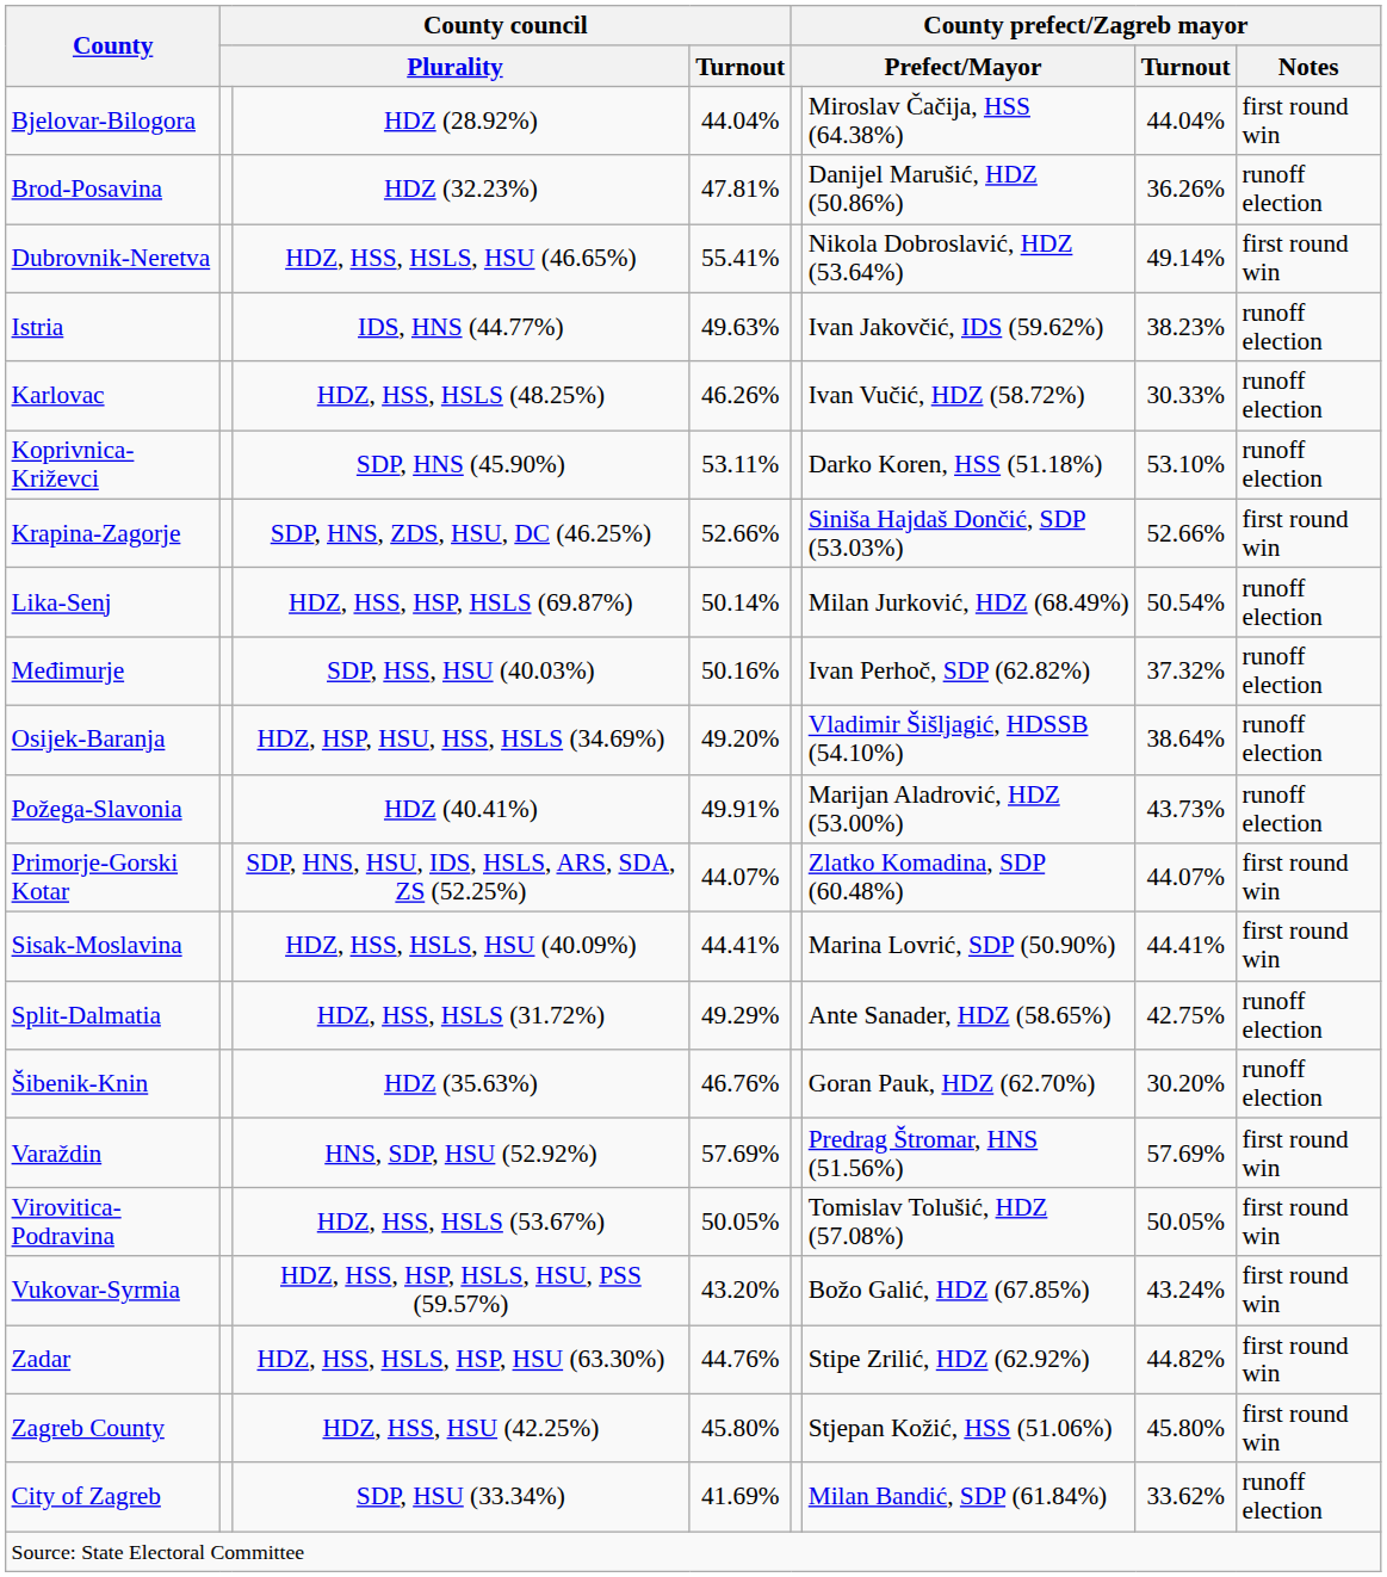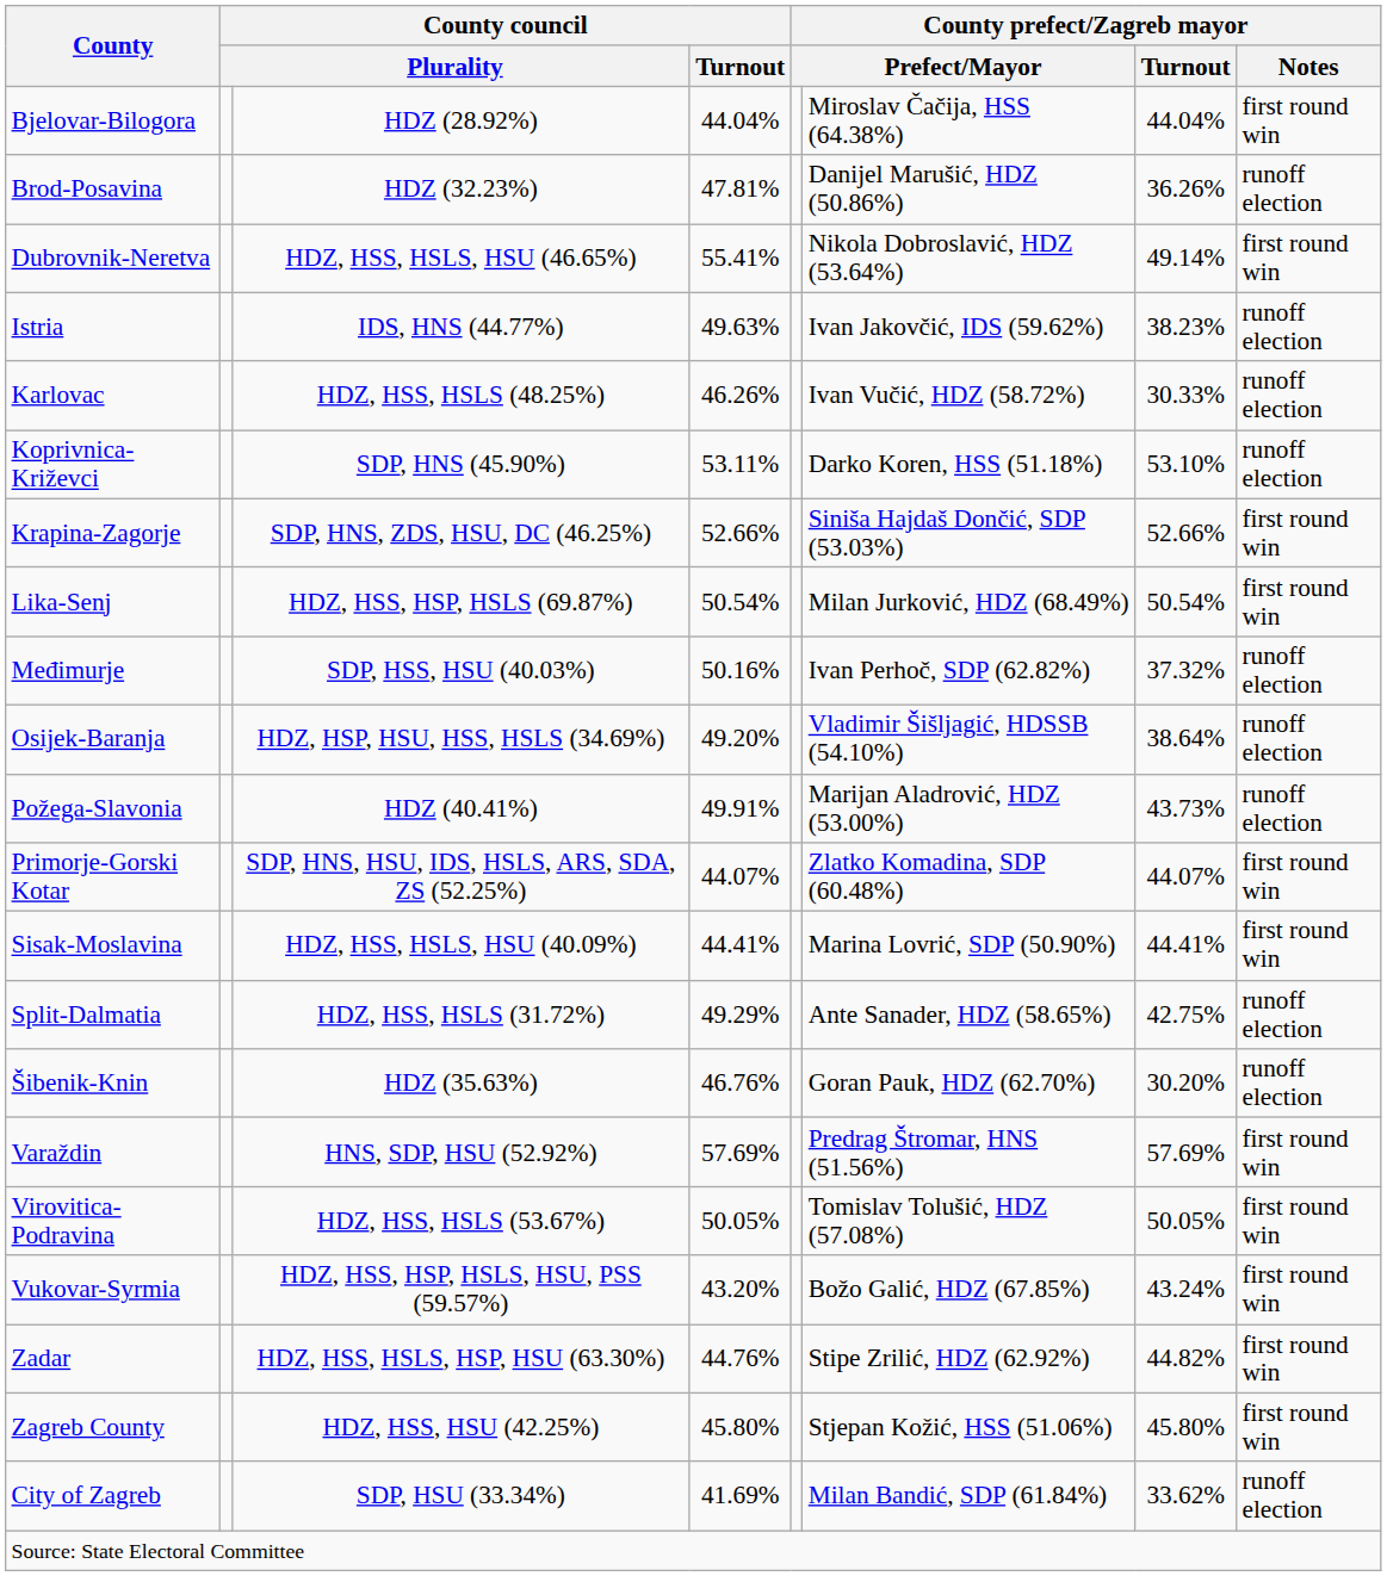 <table class="wikitable">
 <tr>
 <th rowspan="2"><a href='#'>County</a></th>
 <th colspan="3">County council</th>
 <th colspan="4">County prefect/Zagreb mayor</th>
 </tr>
 <tr>
 <th colspan="2"><a href='#'>Plurality</a></th>
 <th>Turnout</th>
 <th colspan="2">Prefect/Mayor</th>
 <th>Turnout</th>
 <th>Notes</th>
 </tr>
 <tr>
 <td><a href='#'>Bjelovar-Bilogora</a></td>
 <td style="background-color:"></td>
 <td style="text-align:center;"><a href='#'>HDZ</a> (28.92%)</td>
 <td style="text-align:center;">44.04%</td>
 <td style="background-color:"></td>
 <td>Miroslav Čačija, <a href='#'>HSS</a> (64.38%)</td>
 <td style="text-align:center;">44.04%</td>
 <td>first round win</td>
 </tr>
 <tr>
 <td><a href='#'>Brod-Posavina</a></td>
 <td style="background-color:"></td>
 <td style="text-align:center;"><a href='#'>HDZ</a> (32.23%)</td>
 <td style="text-align:center;">47.81%</td>
 <td style="background-color:"></td>
 <td>Danijel Marušić, <a href='#'>HDZ</a> (50.86%)</td>
 <td style="text-align:center;">36.26%</td>
 <td>runoff election</td>
 </tr>
 <tr>
 <td><a href='#'>Dubrovnik-Neretva</a></td>
 <td style="background-color:"></td>
 <td style="text-align:center;"><a href='#'>HDZ</a>, <a href='#'>HSS</a>, <a href='#'>HSLS</a>, <a href='#'>HSU</a> (46.65%)</td>
 <td style="text-align:center;">55.41%</td>
 <td style="background-color:"></td>
 <td>Nikola Dobroslavić, <a href='#'>HDZ</a> (53.64%)</td>
 <td style="text-align:center;">49.14%</td>
 <td>first round win</td>
 </tr>
 <tr>
 <td><a href='#'>Istria</a></td>
 <td style="background-color:"></td>
 <td style="text-align:center;"><a href='#'>IDS</a>, <a href='#'>HNS</a> (44.77%)</td>
 <td style="text-align:center;">49.63%</td>
 <td style="background-color:"></td>
 <td>Ivan Jakovčić, <a href='#'>IDS</a> (59.62%)</td>
 <td style="text-align:center;">38.23%</td>
 <td>runoff election</td>
 </tr>
 <tr>
 <td><a href='#'>Karlovac</a></td>
 <td style="background-color:"></td>
 <td style="text-align:center;"><a href='#'>HDZ</a>, <a href='#'>HSS</a>, <a href='#'>HSLS</a> (48.25%)</td>
 <td style="text-align:center;">46.26%</td>
 <td style="background-color:"></td>
 <td>Ivan Vučić, <a href='#'>HDZ</a> (58.72%)</td>
 <td style="text-align:center;">30.33%</td>
 <td>runoff election</td>
 </tr>
 <tr>
 <td><a href='#'>Koprivnica-Križevci</a></td>
 <td style="background-color:"></td>
 <td style="text-align:center;"><a href='#'>SDP</a>, <a href='#'>HNS</a> (45.90%)</td>
 <td style="text-align:center;">53.11%</td>
 <td style="background-color:"></td>
 <td>Darko Koren, <a href='#'>HSS</a> (51.18%)</td>
 <td style="text-align:center;">53.10%</td>
 <td>runoff election</td>
 </tr>
 <tr>
 <td><a href='#'>Krapina-Zagorje</a></td>
 <td style="background-color:"></td>
 <td style="text-align:center;"><a href='#'>SDP</a>, <a href='#'>HNS</a>, <a href='#'>ZDS</a>, <a href='#'>HSU</a>, <a href='#'>DC</a> (46.25%)</td>
 <td style="text-align:center;">52.66%</td>
 <td style="background-color:"></td>
 <td><a href='#'>Siniša Hajdaš Dončić</a>, <a href='#'>SDP</a> (53.03%)</td>
 <td style="text-align:center;">52.66%</td>
 <td>first round win</td>
 </tr>
 <tr>
 <td><a href='#'>Lika-Senj</a></td>
 <td style="background-color:"></td>
 <td style="text-align:center;"><a href='#'>HDZ</a>, <a href='#'>HSS</a>, <a href='#'>HSP</a>, <a href='#'>HSLS</a> (69.87%)</td>
-<td style="text-align:center;">50.14%</td>
+<td style="text-align:center;">50.54%</td>
 <td style="background-color:"></td>
 <td>Milan Jurković, <a href='#'>HDZ</a> (68.49%)</td>
 <td style="text-align:center;">50.54%</td>
-<td>runoff election</td>
+<td>first round win</td>
 </tr>
 <tr>
 <td><a href='#'>Međimurje</a></td>
 <td style="background-color:"></td>
 <td style="text-align:center;"><a href='#'>SDP</a>, <a href='#'>HSS</a>, <a href='#'>HSU</a> (40.03%)</td>
 <td style="text-align:center;">50.16%</td>
 <td style="background-color:"></td>
 <td>Ivan Perhoč, <a href='#'>SDP</a> (62.82%)</td>
 <td style="text-align:center;">37.32%</td>
 <td>runoff election</td>
 </tr>
 <tr>
 <td><a href='#'>Osijek-Baranja</a></td>
 <td style="background-color:"></td>
 <td style="text-align:center;"><a href='#'>HDZ</a>, <a href='#'>HSP</a>, <a href='#'>HSU</a>, <a href='#'>HSS</a>, <a href='#'>HSLS</a> (34.69%)</td>
 <td style="text-align:center;">49.20%</td>
 <td style="background-color:"></td>
 <td><a href='#'>Vladimir Šišljagić</a>, <a href='#'>HDSSB</a> (54.10%)</td>
 <td style="text-align:center;">38.64%</td>
 <td>runoff election</td>
 </tr>
 <tr>
 <td><a href='#'>Požega-Slavonia</a></td>
 <td style="background-color:"></td>
 <td style="text-align:center;"><a href='#'>HDZ</a> (40.41%)</td>
 <td style="text-align:center;">49.91%</td>
 <td style="background-color:"></td>
 <td>Marijan Aladrović, <a href='#'>HDZ</a> (53.00%)</td>
 <td style="text-align:center;">43.73%</td>
 <td>runoff election</td>
 </tr>
 <tr>
 <td><a href='#'>Primorje-Gorski Kotar</a></td>
 <td style="background-color:"></td>
 <td style="text-align:center;"><a href='#'>SDP</a>, <a href='#'>HNS</a>, <a href='#'>HSU</a>, <a href='#'>IDS</a>, <a href='#'>HSLS</a>, <a href='#'>ARS</a>, <a href='#'>SDA</a>, <a href='#'>ZS</a> (52.25%)</td>
 <td style="text-align:center;">44.07%</td>
 <td style="background-color:"></td>
 <td><a href='#'>Zlatko Komadina</a>, <a href='#'>SDP</a> (60.48%)</td>
 <td style="text-align:center;">44.07%</td>
 <td>first round win</td>
 </tr>
 <tr>
 <td><a href='#'>Sisak-Moslavina</a></td>
 <td style="background-color:"></td>
 <td style="text-align:center;"><a href='#'>HDZ</a>, <a href='#'>HSS</a>, <a href='#'>HSLS</a>, <a href='#'>HSU</a> (40.09%)</td>
 <td style="text-align:center;">44.41%</td>
 <td style="background-color:"></td>
 <td>Marina Lovrić, <a href='#'>SDP</a> (50.90%)</td>
 <td style="text-align:center;">44.41%</td>
 <td>first round win</td>
 </tr>
 <tr>
 <td><a href='#'>Split-Dalmatia</a></td>
 <td style="background-color:"></td>
 <td style="text-align:center;"><a href='#'>HDZ</a>, <a href='#'>HSS</a>, <a href='#'>HSLS</a> (31.72%)</td>
 <td style="text-align:center;">49.29%</td>
 <td style="background-color:"></td>
 <td>Ante Sanader, <a href='#'>HDZ</a> (58.65%)</td>
 <td style="text-align:center;">42.75%</td>
 <td>runoff election</td>
 </tr>
 <tr>
 <td><a href='#'>Šibenik-Knin</a></td>
 <td style="background-color:"></td>
 <td style="text-align:center;"><a href='#'>HDZ</a> (35.63%)</td>
 <td style="text-align:center;">46.76%</td>
 <td style="background-color:"></td>
 <td>Goran Pauk, <a href='#'>HDZ</a> (62.70%)</td>
 <td style="text-align:center;">30.20%</td>
 <td>runoff election</td>
 </tr>
 <tr>
 <td><a href='#'>Varaždin</a></td>
 <td style="background-color:"></td>
 <td style="text-align:center;"><a href='#'>HNS</a>, <a href='#'>SDP</a>, <a href='#'>HSU</a> (52.92%)</td>
 <td style="text-align:center;">57.69%</td>
 <td style="background-color:"></td>
 <td><a href='#'>Predrag Štromar</a>, <a href='#'>HNS</a> (51.56%)</td>
 <td style="text-align:center;">57.69%</td>
 <td>first round win</td>
 </tr>
 <tr>
 <td><a href='#'>Virovitica-Podravina</a></td>
 <td style="background-color:"></td>
 <td style="text-align:center;"><a href='#'>HDZ</a>, <a href='#'>HSS</a>, <a href='#'>HSLS</a> (53.67%)</td>
 <td style="text-align:center;">50.05%</td>
 <td style="background-color:"></td>
 <td>Tomislav Tolušić, <a href='#'>HDZ</a> (57.08%)</td>
 <td style="text-align:center;">50.05%</td>
 <td>first round win</td>
 </tr>
 <tr>
 <td><a href='#'>Vukovar-Syrmia</a></td>
 <td style="background-color:"></td>
 <td style="text-align:center;"><a href='#'>HDZ</a>, <a href='#'>HSS</a>, <a href='#'>HSP</a>, <a href='#'>HSLS</a>, <a href='#'>HSU</a>, <a href='#'>PSS</a> (59.57%)</td>
 <td style="text-align:center;">43.20%</td>
 <td style="background-color:"></td>
 <td>Božo Galić, <a href='#'>HDZ</a> (67.85%)</td>
 <td style="text-align:center;">43.24%</td>
 <td>first round win</td>
 </tr>
 <tr>
 <td><a href='#'>Zadar</a></td>
 <td style="background-color:"></td>
 <td style="text-align:center;"><a href='#'>HDZ</a>, <a href='#'>HSS</a>, <a href='#'>HSLS</a>, <a href='#'>HSP</a>, <a href='#'>HSU</a> (63.30%)</td>
 <td style="text-align:center;">44.76%</td>
 <td style="background-color:"></td>
 <td>Stipe Zrilić, <a href='#'>HDZ</a> (62.92%)</td>
 <td style="text-align:center;">44.82%</td>
 <td>first round win</td>
 </tr>
 <tr>
 <td><a href='#'>Zagreb County</a></td>
 <td style="background-color:"></td>
 <td style="text-align:center;"><a href='#'>HDZ</a>, <a href='#'>HSS</a>, <a href='#'>HSU</a> (42.25%)</td>
 <td style="text-align:center;">45.80%</td>
 <td style="background-color:"></td>
 <td>Stjepan Kožić, <a href='#'>HSS</a> (51.06%)</td>
 <td style="text-align:center;">45.80%</td>
 <td>first round win</td>
 </tr>
 <tr>
 <td><a href='#'>City of Zagreb</a></td>
 <td style="background-color:"></td>
 <td style="text-align:center;"><a href='#'>SDP</a>, <a href='#'>HSU</a> (33.34%)</td>
 <td style="text-align:center;">41.69%</td>
 <td style="background-color:"></td>
 <td><a href='#'>Milan Bandić</a>, <a href='#'>SDP</a> (61.84%)</td>
 <td style="text-align:center;">33.62%</td>
 <td>runoff election</td>
 </tr>
 <tr>
 <td colspan="8"><small>Source: State Electoral Committee</small></td>
 </tr>
 </table>
